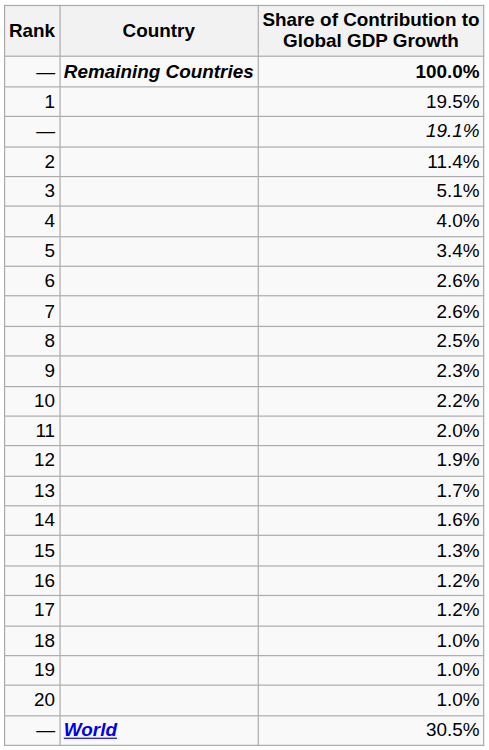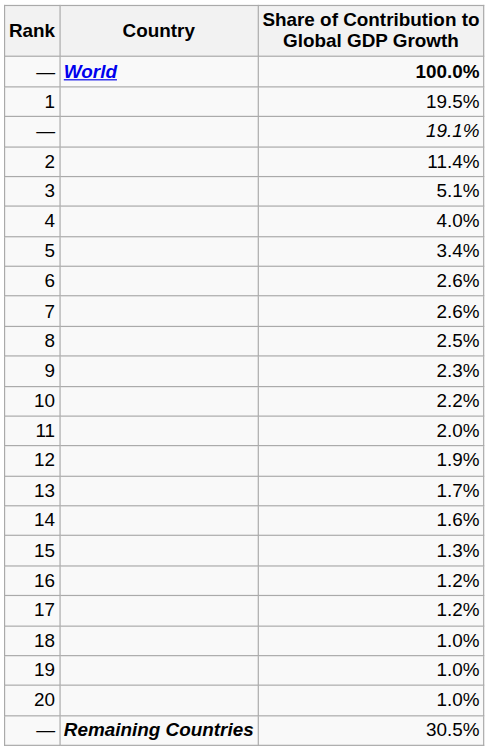 <table class="wikitable" style="text-align: right; display:inline-table;">
 <tr>
 <th style="width:2em;">Rank</th>
 <th>Country</th>
 <th>Share of Contribution to<br>Global GDP Growth</th>
 </tr>
 <tr>
 <td>—</td>
-<td align=left><strong><em>Remaining Countries</em></strong></td>
+<td align=left> <strong><em><a href='#'>World</a></em></strong></td>
 <td><strong>100.0%</strong></td>
 </tr>
 <tr>
 <td>1</td>
 <td align=left><strong></strong></td>
 <td>19.5%</td>
 </tr>
 <tr>
 <td>—</td>
 <td align=left><strong><em></em></strong></td>
 <td><em>19.1%</em></td>
 </tr>
 <tr>
 <td>2</td>
 <td align=left><strong></strong></td>
 <td>11.4%</td>
 </tr>
 <tr>
 <td>3</td>
 <td align=left><strong></strong></td>
 <td>5.1%</td>
 </tr>
 <tr>
 <td>4</td>
 <td align=left><strong></strong></td>
 <td>4.0%</td>
 </tr>
 <tr>
 <td>5</td>
 <td align=left><strong></strong></td>
 <td>3.4%</td>
 </tr>
 <tr>
 <td>6</td>
 <td align=left><strong></strong></td>
 <td>2.6%</td>
 </tr>
 <tr>
 <td>7</td>
 <td align=left><strong></strong></td>
 <td>2.6%</td>
 </tr>
 <tr>
 <td>8</td>
 <td align=left><strong></strong></td>
 <td>2.5%</td>
 </tr>
 <tr>
 <td>9</td>
 <td align=left><strong></strong></td>
 <td>2.3%</td>
 </tr>
 <tr>
 <td>10</td>
 <td align=left><strong></strong></td>
 <td>2.2%</td>
 </tr>
 <tr>
 <td>11</td>
 <td align=left><strong></strong></td>
 <td>2.0%</td>
 </tr>
 <tr>
 <td>12</td>
 <td align=left><strong></strong></td>
 <td>1.9%</td>
 </tr>
 <tr>
 <td>13</td>
 <td align=left><strong></strong></td>
 <td>1.7%</td>
 </tr>
 <tr>
 <td>14</td>
 <td align=left><strong></strong></td>
 <td>1.6%</td>
 </tr>
 <tr>
 <td>15</td>
 <td align=left><strong></strong></td>
 <td>1.3%</td>
 </tr>
 <tr>
 <td>16</td>
 <td align=left><strong></strong></td>
 <td>1.2%</td>
 </tr>
 <tr>
 <td>17</td>
 <td align=left><strong></strong></td>
 <td>1.2%</td>
 </tr>
 <tr>
 <td>18</td>
 <td align=left><strong></strong></td>
 <td>1.0%</td>
 </tr>
 <tr>
 <td>19</td>
 <td align=left><strong></strong></td>
 <td>1.0%</td>
 </tr>
 <tr>
 <td>20</td>
 <td align=left><strong></strong></td>
 <td>1.0%</td>
 </tr>
 <tr>
 <td>—</td>
-<td align=left> <strong><em><a href='#'>World</a></em></strong></td>
+<td align=left><strong><em>Remaining Countries</em></strong></td>
 <td>30.5%</td>
 </tr>
 </table>
